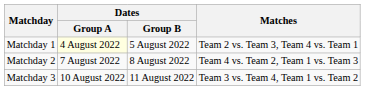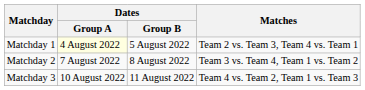 <table class="wikitable">
 <tr>
 <th rowspan=2>Matchday</th>
 <th colspan=2>Dates</th>
 <th rowspan=2>Matches</th>
 </tr>
 <tr>
 <th>Group A</th>
 <th>Group B</th>
 </tr>
 <tr>
 <td>Matchday 1</td>
 <td style="background: lightyellow;">4 August 2022</td>
 <td>5 August 2022</td>
 <td>Team 2 vs. Team 3, Team 4 vs. Team 1</td>
 </tr>
 <tr>
 <td>Matchday 2</td>
 <td>7 August 2022</td>
 <td>8 August 2022</td>
-<td>Team 4 vs. Team 2, Team 1 vs. Team 3</td>
+<td>Team 3 vs. Team 4, Team 1 vs. Team 2</td>
 </tr>
 <tr>
 <td>Matchday 3</td>
 <td>10 August 2022</td>
 <td>11 August 2022</td>
-<td>Team 3 vs. Team 4, Team 1 vs. Team 2</td>
+<td>Team 4 vs. Team 2, Team 1 vs. Team 3</td>
 </tr>
 </table>
